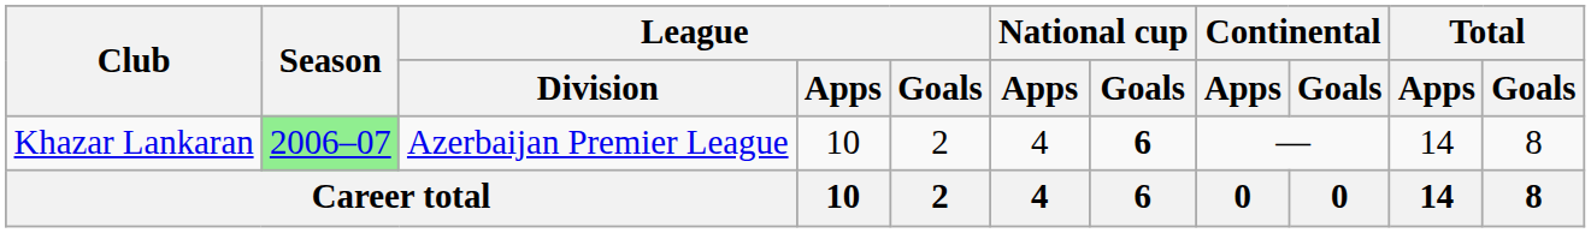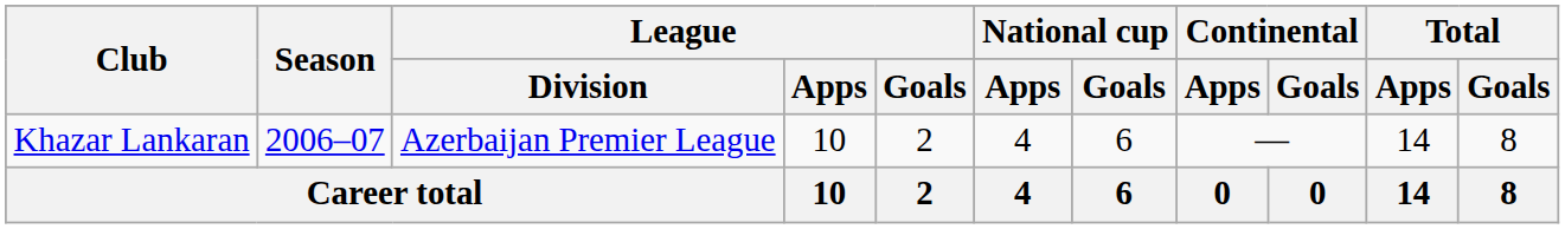 <table class="wikitable" style="text-align:center">
 <tr>
 <th rowspan="2">Club</th>
 <th rowspan="2">Season</th>
 <th colspan="3">League</th>
 <th colspan="2">National cup</th>
 <th colspan="2">Continental</th>
 <th colspan="2">Total</th>
 </tr>
 <tr>
 <th>Division</th>
 <th>Apps</th>
 <th>Goals</th>
 <th>Apps</th>
 <th>Goals</th>
 <th>Apps</th>
 <th>Goals</th>
 <th>Apps</th>
 <th>Goals</th>
 </tr>
 <tr>
 <td><a href='#'>Khazar Lankaran</a></td>
-<td style="background: lightgreen;"><a href='#'>2006–07</a></td>
+<td><a href='#'>2006–07</a></td>
 <td><a href='#'>Azerbaijan Premier League</a></td>
 <td>10</td>
 <td>2</td>
 <td>4</td>
-<td><strong>6</strong></td>
+<td>6</td>
 <td colspan="2">—</td>
 <td>14</td>
 <td>8</td>
 </tr>
 <tr>
 <th colspan="3">Career total</th>
 <th>10</th>
 <th>2</th>
 <th>4</th>
 <th>6</th>
 <th>0</th>
 <th>0</th>
 <th>14</th>
 <th>8</th>
 </tr>
 </table>
